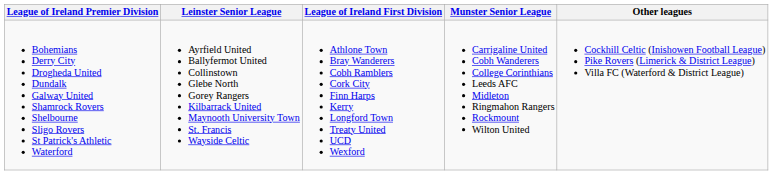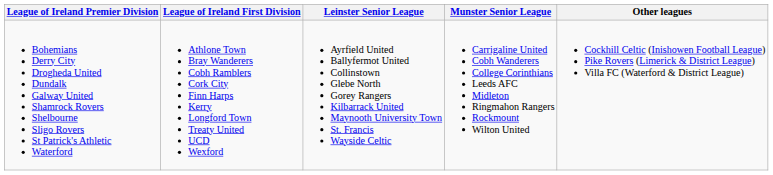 <table class="wikitable">
 <tr>
 <th><a href='#'>League of Ireland Premier Division</a></th>
+<th><a href='#'>League of Ireland First Division</a></th>
 <th><a href='#'>Leinster Senior League</a></th>
-<th><a href='#'>League of Ireland First Division</a></th>
 <th><a href='#'>Munster Senior League</a></th>
 <th>Other leagues</th>
 </tr>
 <tr>
 <td valign="top"><br><ul><li><a href='#'>Bohemians</a></li><li><a href='#'>Derry City</a></li><li><a href='#'>Drogheda United</a></li><li><a href='#'>Dundalk</a></li><li><a href='#'>Galway United</a></li><li><a href='#'>Shamrock Rovers</a></li><li><a href='#'>Shelbourne</a></li><li><a href='#'>Sligo Rovers</a></li><li><a href='#'>St Patrick's Athletic</a></li><li><a href='#'>Waterford</a></li></ul></td>
+<td valign="top"><br><ul><li><a href='#'>Athlone Town</a></li><li><a href='#'>Bray Wanderers</a></li><li><a href='#'>Cobh Ramblers</a></li><li><a href='#'>Cork City</a></li><li><a href='#'>Finn Harps</a></li><li><a href='#'>Kerry</a></li><li><a href='#'>Longford Town</a></li><li><a href='#'>Treaty United</a></li><li><a href='#'>UCD</a></li><li><a href='#'>Wexford</a></li></ul></td>
 <td valign="top"><br><ul><li>Ayrfield United</li><li>Ballyfermot United</li><li>Collinstown</li><li>Glebe North</li><li>Gorey Rangers</li><li><a href='#'>Kilbarrack United</a></li><li><a href='#'>Maynooth University Town</a></li><li><a href='#'>St. Francis</a></li><li><a href='#'>Wayside Celtic</a></li></ul></td>
-<td valign="top"><br><ul><li><a href='#'>Athlone Town</a></li><li><a href='#'>Bray Wanderers</a></li><li><a href='#'>Cobh Ramblers</a></li><li><a href='#'>Cork City</a></li><li><a href='#'>Finn Harps</a></li><li><a href='#'>Kerry</a></li><li><a href='#'>Longford Town</a></li><li><a href='#'>Treaty United</a></li><li><a href='#'>UCD</a></li><li><a href='#'>Wexford</a></li></ul></td>
 <td valign="top"><br><ul><li><a href='#'>Carrigaline United</a></li><li><a href='#'>Cobh Wanderers</a></li><li><a href='#'>College Corinthians</a></li><li>Leeds AFC</li><li><a href='#'>Midleton</a></li><li>Ringmahon Rangers</li><li><a href='#'>Rockmount</a></li><li>Wilton United</li></ul></td>
 <td valign="top"><br><ul><li><a href='#'>Cockhill Celtic</a> (<a href='#'>Inishowen Football League</a>)</li><li><a href='#'>Pike Rovers</a> (<a href='#'>Limerick & District League</a>)</li><li>Villa FC (Waterford & District League)</li></ul></td>
 </tr>
 </table>
